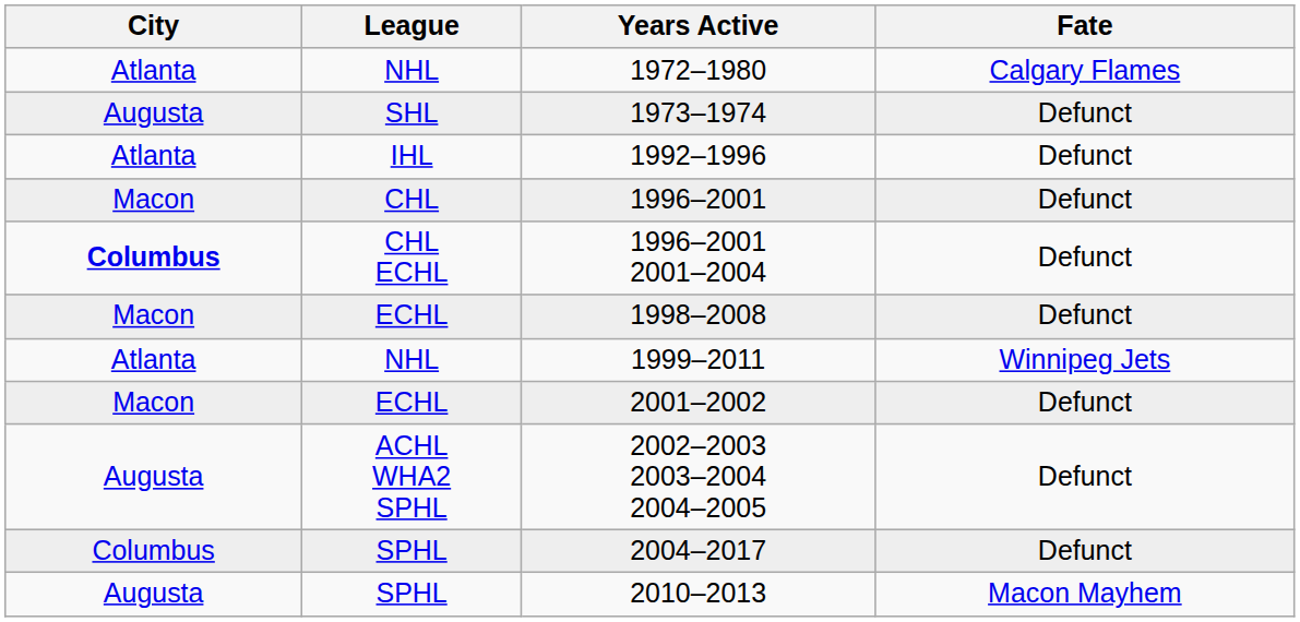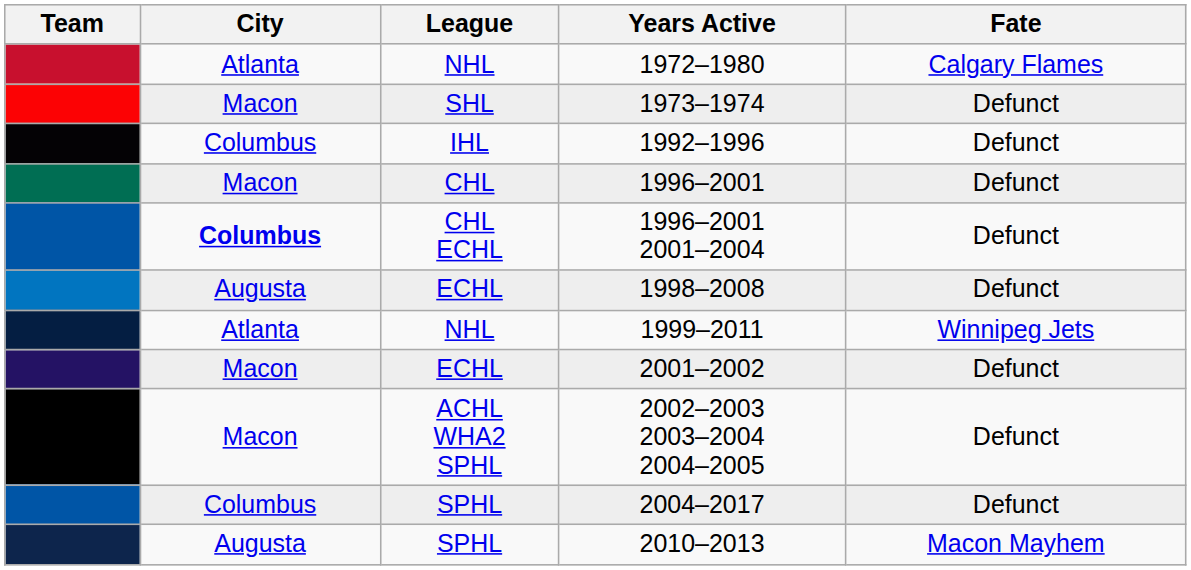 <table class="wikitable sortable" width="60%">
 <tr>
+<th>Team</th>
 <th>City</th>
 <th>League</th>
 <th>Years Active</th>
 <th>Fate</th>
 </tr>
 <tr align=center>
+<td style="color:white; background:#C8102E; "><strong><a href='#'></a></strong></td>
 <td><a href='#'>Atlanta</a></td>
 <td><a href='#'>NHL</a></td>
 <td>1972–1980</td>
 <td><a href='#'>Calgary Flames</a></td>
 </tr>
 <tr align=center bgcolor=eeeeee>
-<td><a href='#'>Augusta</a></td>
+<td style="color:white; background:#fc0204; "><strong><a href='#'></a></strong></td>
+<td><a href='#'>Macon</a></td>
 <td><a href='#'>SHL</a></td>
 <td>1973–1974</td>
 <td>Defunct</td>
 </tr>
 <tr align=center>
-<td><a href='#'>Atlanta</a></td>
+<td style="color:white; background:#040205; "><strong><a href='#'></a></strong></td>
+<td><a href='#'>Columbus</a></td>
 <td><a href='#'>IHL</a></td>
 <td>1992–1996</td>
 <td>Defunct</td>
 </tr>
 <tr align=center bgcolor=eeeeee>
+<td style="color:white; background:#006e53; "><strong><a href='#'></a></strong></td>
 <td><a href='#'>Macon</a></td>
 <td><a href='#'>CHL</a></td>
 <td>1996–2001</td>
 <td>Defunct</td>
 </tr>
 <tr align=center>
+<td style="color:white; background:#0055A6; "><strong><a href='#'></a></strong></td>
 <td><strong><a href='#'>Columbus</a></strong></td>
 <td><a href='#'>CHL</a><br><a href='#'>ECHL</a></td>
 <td>1996–2001<br>2001–2004</td>
 <td>Defunct</td>
 </tr>
 <tr align=center bgcolor=eeeeee>
-<td><a href='#'>Macon</a></td>
+<td style="color:white; background:#0175c0; "><strong><a href='#'></a></strong></td>
+<td><a href='#'>Augusta</a></td>
 <td><a href='#'>ECHL</a></td>
 <td>1998–2008</td>
 <td>Defunct</td>
 </tr>
 <tr align=center>
+<td style="color:white; background:#041E42; "><strong><a href='#'></a></strong></td>
 <td><a href='#'>Atlanta</a></td>
 <td><a href='#'>NHL</a></td>
 <td>1999–2011</td>
 <td><a href='#'>Winnipeg Jets</a></td>
 </tr>
 <tr align=center bgcolor=eeeeee>
+<td style="color:white; background:#241264; "><strong><a href='#'></a></strong></td>
 <td><a href='#'>Macon</a></td>
 <td><a href='#'>ECHL</a></td>
 <td>2001–2002</td>
 <td>Defunct</td>
 </tr>
 <tr align=center>
-<td><a href='#'>Augusta</a></td>
+<td style="color:white; background:#000000; "><strong><a href='#'></a></strong></td>
+<td><a href='#'>Macon</a></td>
 <td><a href='#'>ACHL</a><br><a href='#'>WHA2</a><br><a href='#'>SPHL</a></td>
 <td>2002–2003<br>2003–2004<br>2004–2005</td>
 <td>Defunct</td>
 </tr>
 <tr align=center bgcolor=eeeeee>
+<td style="color:white; background:#0055A6; "><strong><a href='#'></a></strong></td>
 <td><a href='#'>Columbus</a></td>
 <td><a href='#'>SPHL</a></td>
 <td>2004–2017</td>
 <td>Defunct</td>
 </tr>
 <tr align=center>
+<td style="color:white; background:#0d254c; "><strong><a href='#'></a></strong></td>
 <td><a href='#'>Augusta</a></td>
 <td><a href='#'>SPHL</a></td>
 <td>2010–2013</td>
 <td><a href='#'>Macon Mayhem</a></td>
 </tr>
 </table>
